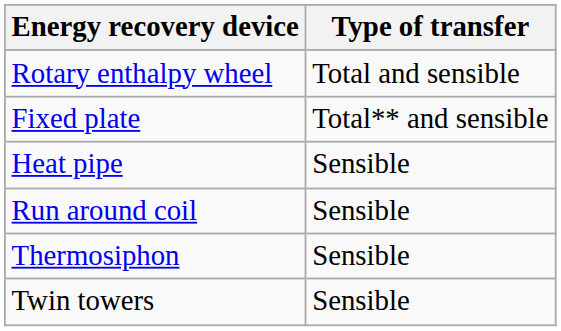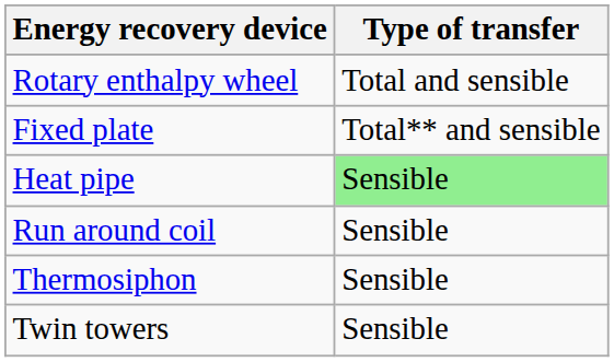 <table class="wikitable">
 <tr>
 <th>Energy recovery device</th>
 <th>Type of transfer</th>
 </tr>
 <tr>
 <td><a href='#'>Rotary enthalpy wheel</a></td>
 <td>Total and sensible</td>
 </tr>
 <tr>
 <td><a href='#'>Fixed plate</a></td>
 <td>Total** and sensible</td>
 </tr>
 <tr>
 <td><a href='#'>Heat pipe</a></td>
-<td>Sensible</td>
+<td style="background: lightgreen;">Sensible</td>
 </tr>
 <tr>
 <td><a href='#'>Run around coil</a></td>
 <td>Sensible</td>
 </tr>
 <tr>
 <td><a href='#'>Thermosiphon</a></td>
 <td>Sensible</td>
 </tr>
 <tr>
 <td>Twin towers</td>
 <td>Sensible</td>
 </tr>
 </table>
